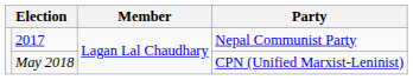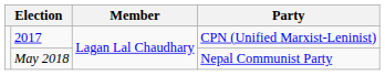 <table class="wikitable">
 <tr>
 <th colspan="2">Election</th>
 <th>Member</th>
 <th>Party</th>
 </tr>
 <tr>
 <td rowspan="2" style="background-color:"></td>
 <td><a href='#'>2017</a></td>
 <td rowspan="2"><a href='#'>Lagan Lal Chaudhary</a></td>
-<td><a href='#'>Nepal Communist Party</a></td>
+<td><a href='#'>CPN (Unified Marxist-Leninist)</a></td>
 </tr>
 <tr>
 <td><em>May 2018</em></td>
-<td><a href='#'>CPN (Unified Marxist-Leninist)</a></td>
+<td><a href='#'>Nepal Communist Party</a></td>
 </tr>
 </table>
